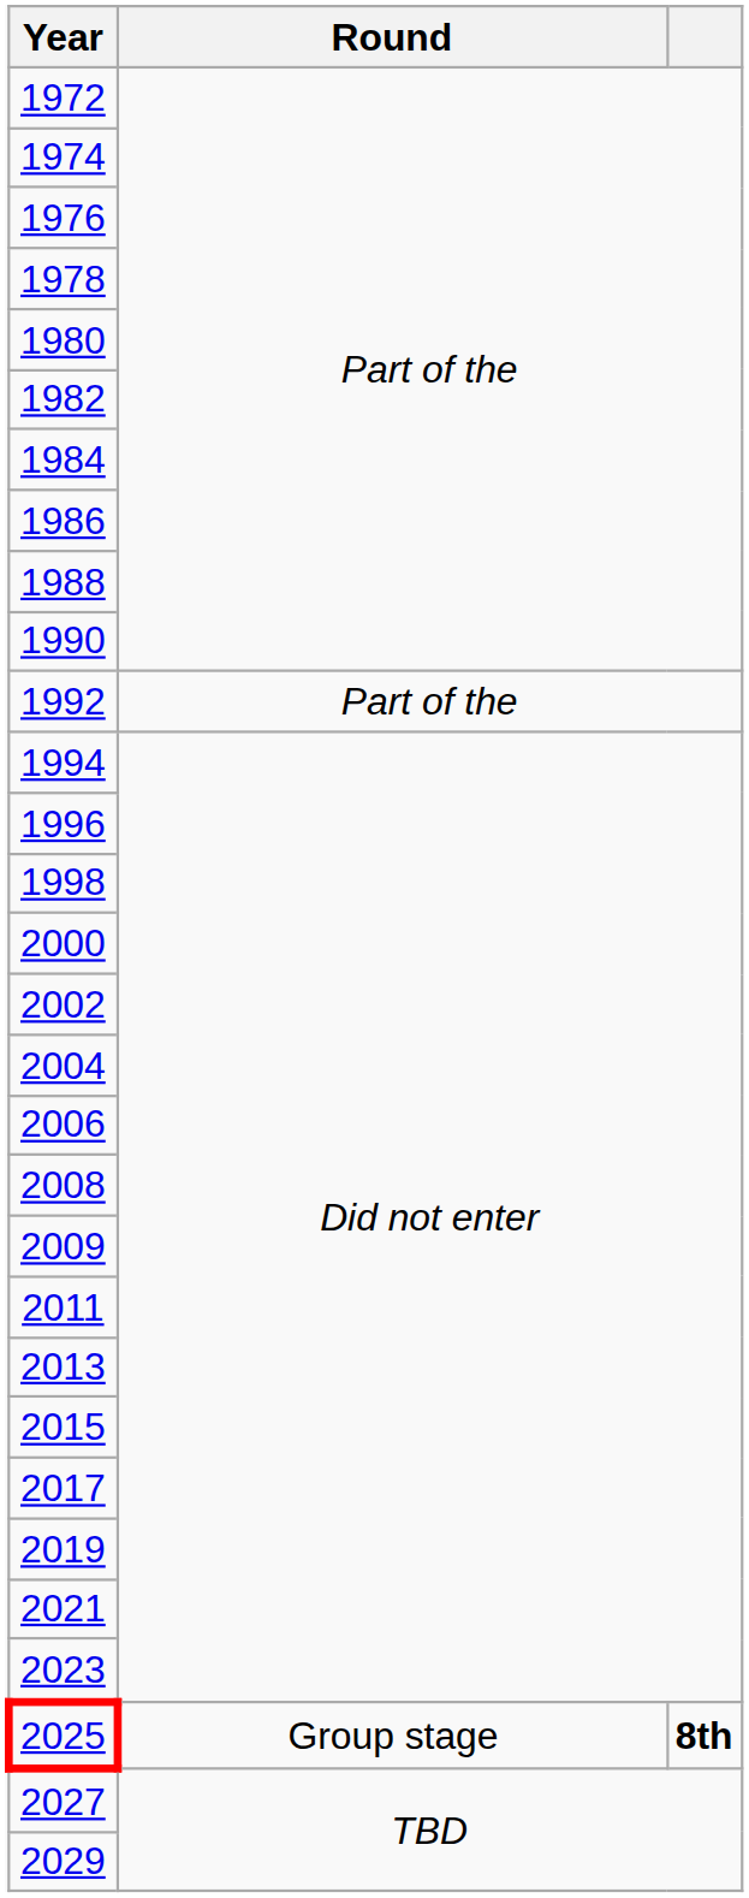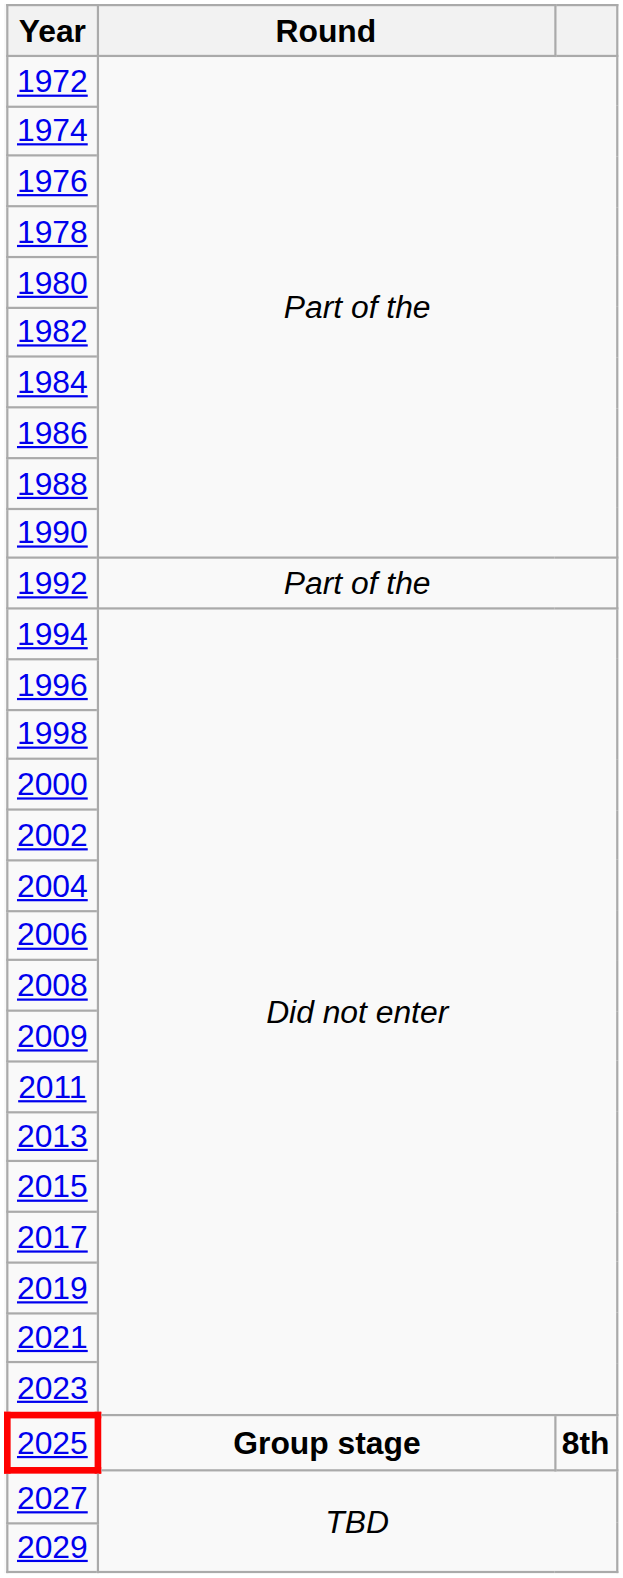 <table class="wikitable" style="text-align: center; font-size:90%">
 <tr>
 <th>Year</th>
 <th style="width:200px">Round</th>
 <th></th>
 </tr>
 <tr>
 <td><a href='#'>1972</a></td>
 <td colspan="2" rowspan="10"><em>Part of the </em></td>
 </tr>
 <tr>
 <td><a href='#'>1974</a></td>
 </tr>
 <tr>
 <td><a href='#'>1976</a></td>
 </tr>
 <tr>
 <td><a href='#'>1978</a></td>
 </tr>
 <tr>
 <td><a href='#'>1980</a></td>
 </tr>
 <tr>
 <td><a href='#'>1982</a></td>
 </tr>
 <tr>
 <td><a href='#'>1984</a></td>
 </tr>
 <tr>
 <td><a href='#'>1986</a></td>
 </tr>
 <tr>
 <td><a href='#'>1988</a></td>
 </tr>
 <tr>
 <td><a href='#'>1990</a></td>
 </tr>
 <tr>
 <td><a href='#'>1992</a></td>
 <td colspan="2"><em>Part of the </em></td>
 </tr>
 <tr>
 <td><a href='#'>1994</a></td>
 <td colspan="2" rowspan="16"><em>Did not enter</em></td>
 </tr>
 <tr>
 <td><a href='#'>1996</a></td>
 </tr>
 <tr>
 <td><a href='#'>1998</a></td>
 </tr>
 <tr>
 <td><a href='#'>2000</a></td>
 </tr>
 <tr>
 <td><a href='#'>2002</a></td>
 </tr>
 <tr>
 <td><a href='#'>2004</a></td>
 </tr>
 <tr>
 <td><a href='#'>2006</a></td>
 </tr>
 <tr>
 <td><a href='#'>2008</a></td>
 </tr>
 <tr>
 <td><a href='#'>2009</a></td>
 </tr>
 <tr>
 <td><a href='#'>2011</a></td>
 </tr>
 <tr>
 <td><a href='#'>2013</a></td>
 </tr>
 <tr>
 <td><a href='#'>2015</a></td>
 </tr>
 <tr>
 <td><a href='#'>2017</a></td>
 </tr>
 <tr>
 <td><a href='#'>2019</a></td>
 </tr>
 <tr>
 <td><a href='#'>2021</a></td>
 </tr>
 <tr>
 <td><a href='#'>2023</a></td>
 </tr>
 <tr>
 <td style="border: 3px solid red"><a href='#'>2025</a></td>
-<td>Group stage</td>
+<td><strong>Group stage</strong></td>
 <td><strong>8th</strong></td>
 </tr>
 <tr>
 <td><a href='#'>2027</a></td>
 <td colspan="2" rowspan="2"><em>TBD</em></td>
 </tr>
 <tr>
 <td><a href='#'>2029</a></td>
 </tr>
 </table>
